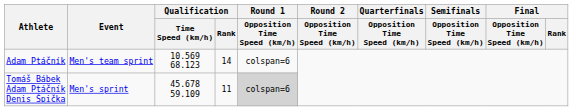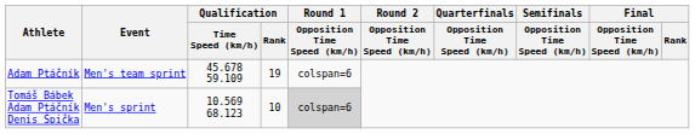 <table class="wikitable" style="font-size:90%">
 <tr>
 <th rowspan="2">Athlete</th>
 <th rowspan="2">Event</th>
 <th colspan=2>Qualification</th>
 <th>Round 1</th>
 <th>Round 2</th>
 <th>Quarterfinals</th>
 <th>Semifinals</th>
 <th colspan=2>Final</th>
 </tr>
 <tr style="font-size:95%">
 <th>Time<br>Speed (km/h)</th>
 <th>Rank</th>
 <th>Opposition<br>Time<br>Speed (km/h)</th>
 <th>Opposition<br>Time<br>Speed (km/h)</th>
 <th>Opposition<br>Time<br>Speed (km/h)</th>
 <th>Opposition<br>Time<br>Speed (km/h)</th>
 <th>Opposition<br>Time<br>Speed (km/h)</th>
 <th>Rank</th>
 </tr>
 <tr align=center>
 <td align=left><a href='#'>Adam Ptáčník</a></td>
 <td align=left><a href='#'>Men's team sprint</a></td>
-<td>10.569<br>68.123</td>
-<td>14</td>
+<td>45.678<br>59.109</td>
+<td>19</td>
 <td>colspan=6 </td>
 </tr>
 <tr align=center>
 <td align=left><a href='#'>Tomáš Bábek</a><br><a href='#'>Adam Ptáčník</a><br><a href='#'>Denis Špička</a></td>
 <td align=left><a href='#'>Men's sprint</a></td>
-<td>45.678<br>59.109</td>
-<td>11</td>
+<td>10.569<br>68.123</td>
+<td>10</td>
 <td style="background: lightgrey;">colspan=6 </td>
 </tr>
 </table>
